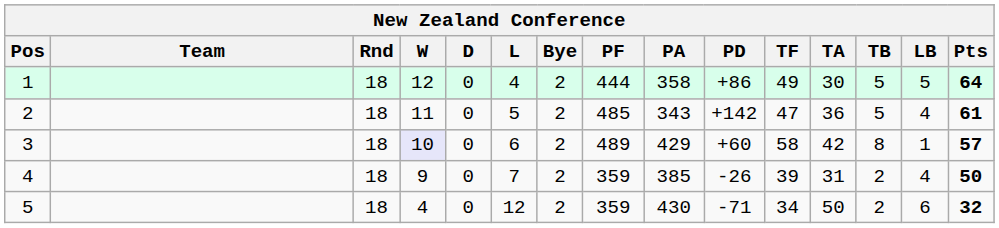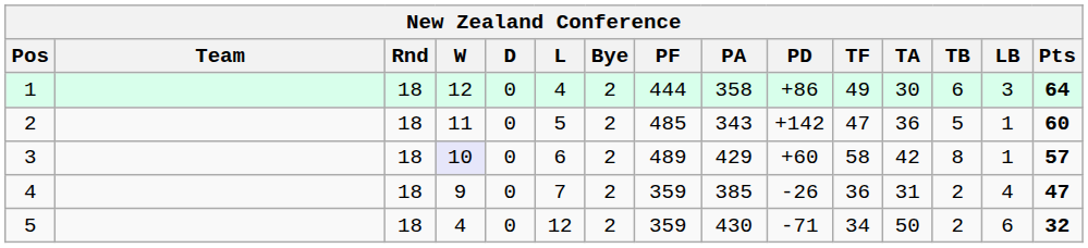 <table class="wikitable" style="float:left; margin-right:15px; text-align: center;">
 <tr>
 <th colspan="100%"><div><strong>New Zealand Conference</strong></div></th>
 </tr>
 <tr>
 <th style="width:25px;">Pos</th>
 <th style="width:200px;">Team</th>
 <th style="width:25px;">Rnd</th>
 <th style="width:25px;">W</th>
 <th style="width:25px;">D</th>
 <th style="width:25px;">L</th>
 <th style="width:25px;">Bye</th>
 <th style="width:35px;">PF</th>
 <th style="width:35px;">PA</th>
 <th style="width:35px;">PD</th>
 <th style="width:25px;">TF</th>
 <th style="width:25px;">TA</th>
 <th style="width:25px;">TB</th>
 <th style="width:25px;">LB</th>
 <th style="width:25px;">Pts<br></th>
 </tr>
 <tr style="background:#d8ffeb; text-align:center;">
 <td>1</td>
 <td align=left></td>
 <td>18</td>
 <td>12</td>
 <td>0</td>
 <td>4</td>
 <td>2</td>
 <td>444</td>
 <td>358</td>
 <td>+86</td>
 <td>49</td>
 <td>30</td>
-<td>5</td>
-<td>5</td>
+<td>6</td>
+<td>3</td>
 <td><strong>64</strong></td>
 </tr>
 <tr>
 <td>2</td>
 <td align=left></td>
 <td>18</td>
 <td>11</td>
 <td>0</td>
 <td>5</td>
 <td>2</td>
 <td>485</td>
 <td>343</td>
 <td>+142</td>
 <td>47</td>
 <td>36</td>
 <td>5</td>
-<td>4</td>
-<td><strong>61</strong></td>
+<td>1</td>
+<td><strong>60</strong></td>
 </tr>
 <tr>
 <td>3</td>
 <td align=left></td>
 <td>18</td>
 <td style="background: lavender;">10</td>
 <td>0</td>
 <td>6</td>
 <td>2</td>
 <td>489</td>
 <td>429</td>
 <td>+60</td>
 <td>58</td>
 <td>42</td>
 <td>8</td>
 <td>1</td>
 <td><strong>57</strong></td>
 </tr>
 <tr>
 <td>4</td>
 <td align=left></td>
 <td>18</td>
 <td>9</td>
 <td>0</td>
 <td>7</td>
 <td>2</td>
 <td>359</td>
 <td>385</td>
 <td>-26</td>
-<td>39</td>
+<td>36</td>
 <td>31</td>
 <td>2</td>
 <td>4</td>
-<td><strong>50</strong></td>
+<td><strong>47</strong></td>
 </tr>
 <tr>
 <td>5</td>
 <td align=left></td>
 <td>18</td>
 <td>4</td>
 <td>0</td>
 <td>12</td>
 <td>2</td>
 <td>359</td>
 <td>430</td>
 <td>-71</td>
 <td>34</td>
 <td>50</td>
 <td>2</td>
 <td>6</td>
 <td><strong>32</strong></td>
 </tr>
 </table>
